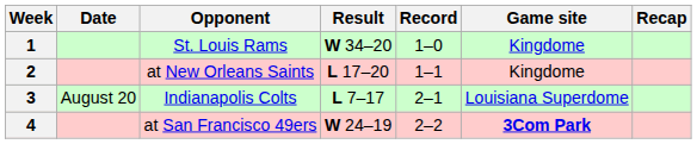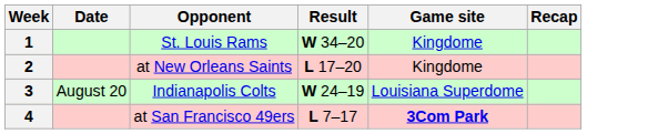 <table class="wikitable" style="text-align:center">
 <tr>
 <th>Week</th>
 <th>Date</th>
 <th>Opponent</th>
 <th>Result</th>
-<th>Record</th>
 <th>Game site</th>
 <th>Recap</th>
 </tr>
 <tr style="background:#cfc">
 <th>1</th>
 <td></td>
 <td><a href='#'>St. Louis Rams</a></td>
 <td><strong>W</strong> 34–20</td>
-<td>1–0</td>
 <td><a href='#'>Kingdome</a></td>
 <td></td>
 </tr>
 <tr style="background:#fcc">
 <th>2</th>
 <td></td>
 <td>at <a href='#'>New Orleans Saints</a></td>
 <td><strong>L</strong> 17–20</td>
-<td>1–1</td>
 <td>Kingdome</td>
 <td></td>
 </tr>
 <tr style="background:#cfc">
 <th>3</th>
 <td>August 20</td>
 <td><a href='#'>Indianapolis Colts</a></td>
-<td><strong>L</strong> 7–17</td>
-<td>2–1</td>
+<td><strong>W</strong> 24–19</td>
 <td><a href='#'>Louisiana Superdome</a></td>
 <td></td>
 </tr>
 <tr style="background:#fcc">
 <th>4</th>
 <td></td>
 <td>at <a href='#'>San Francisco 49ers</a></td>
-<td><strong>W</strong> 24–19</td>
-<td>2–2</td>
+<td><strong>L</strong> 7–17</td>
 <td><strong><a href='#'>3Com Park</a></strong></td>
 <td></td>
 </tr>
 </table>
